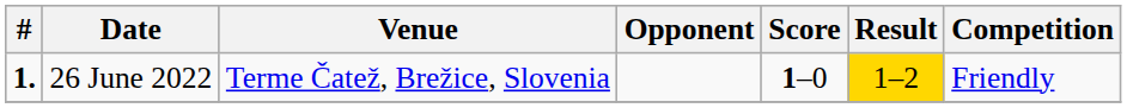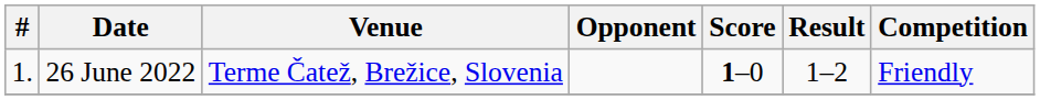 <table class="wikitable">
 <tr>
 <th>#</th>
 <th>Date</th>
 <th>Venue</th>
 <th>Opponent</th>
 <th>Score</th>
 <th>Result</th>
 <th>Competition</th>
 </tr>
 <tr>
-<td><strong>1.</strong></td>
+<td>1.</td>
 <td>26 June 2022</td>
 <td><a href='#'>Terme Čatež</a>, <a href='#'>Brežice</a>, <a href='#'>Slovenia</a></td>
 <td></td>
 <td align=center><strong>1</strong>–0</td>
-<td align=center style="background: gold;">1–2</td>
+<td align=center>1–2</td>
 <td><a href='#'>Friendly</a></td>
 </tr>
 <tr>
 </tr>
 </table>
